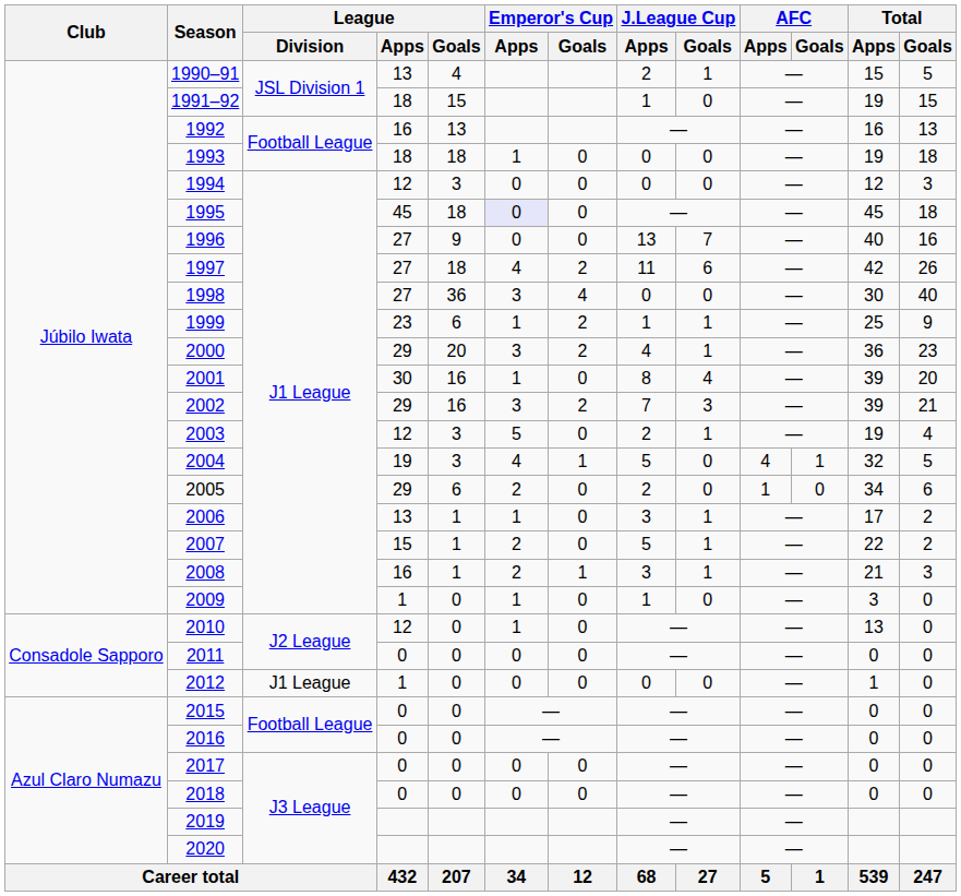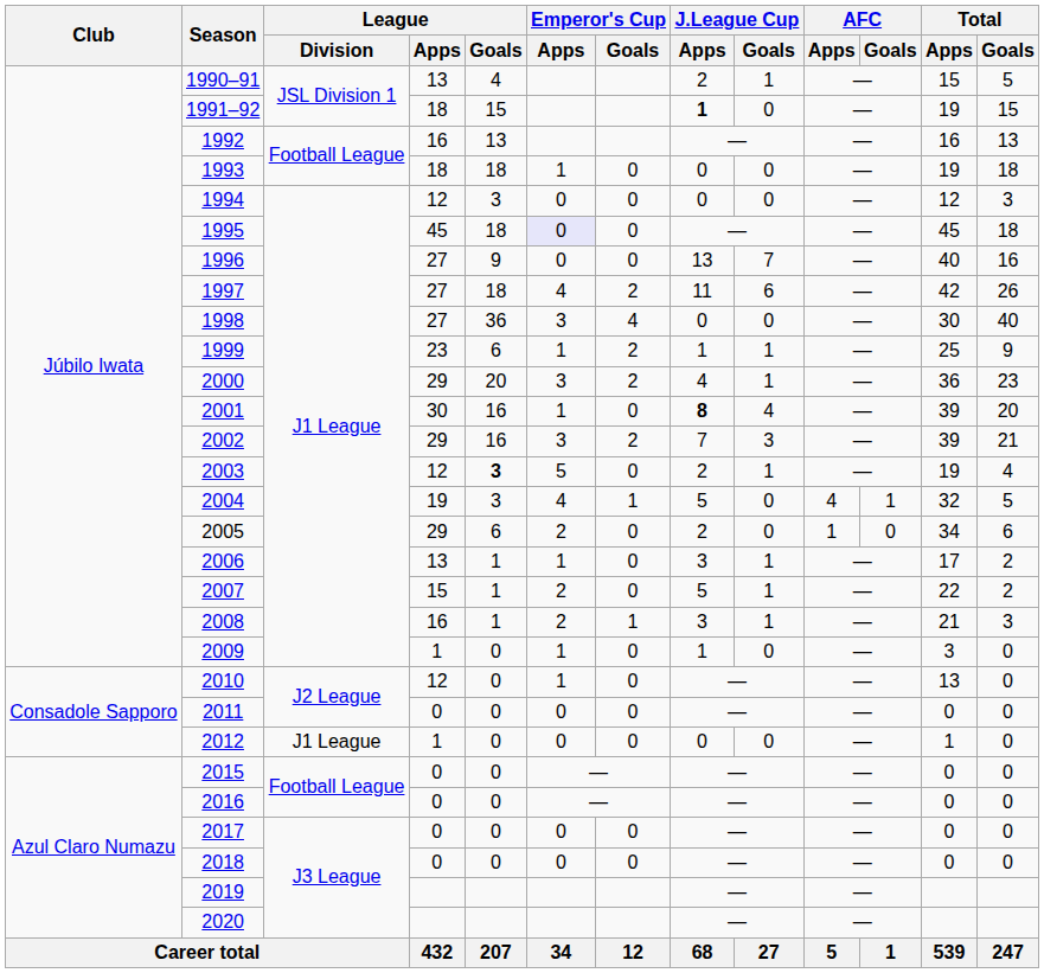 <table class="wikitable" style="text-align:center">
 <tr>
 <th rowspan="2">Club</th>
 <th rowspan="2">Season</th>
 <th colspan="3">League</th>
 <th colspan="2"><a href='#'>Emperor's Cup</a></th>
 <th colspan="2"><a href='#'>J.League Cup</a></th>
 <th colspan="2"><a href='#'>AFC</a></th>
 <th colspan="2">Total</th>
 </tr>
 <tr>
 <th>Division</th>
 <th>Apps</th>
 <th>Goals</th>
 <th>Apps</th>
 <th>Goals</th>
 <th>Apps</th>
 <th>Goals</th>
 <th>Apps</th>
 <th>Goals</th>
 <th>Apps</th>
 <th>Goals</th>
 </tr>
 <tr>
 <td rowspan="20"><a href='#'>Júbilo Iwata</a></td>
 <td><a href='#'>1990–91</a></td>
 <td rowspan="2"><a href='#'>JSL Division 1</a></td>
 <td>13</td>
 <td>4</td>
 <td></td>
 <td></td>
 <td>2</td>
 <td>1</td>
 <td colspan="2">—</td>
 <td>15</td>
 <td>5</td>
 </tr>
 <tr>
 <td><a href='#'>1991–92</a></td>
 <td>18</td>
 <td>15</td>
 <td></td>
 <td></td>
-<td>1</td>
+<td><strong>1</strong></td>
 <td>0</td>
 <td colspan="2">—</td>
 <td>19</td>
 <td>15</td>
 </tr>
 <tr>
 <td><a href='#'>1992</a></td>
 <td rowspan="2"><a href='#'>Football League</a></td>
 <td>16</td>
 <td>13</td>
 <td></td>
 <td></td>
 <td colspan="2">—</td>
 <td colspan="2">—</td>
 <td>16</td>
 <td>13</td>
 </tr>
 <tr>
 <td><a href='#'>1993</a></td>
 <td>18</td>
 <td>18</td>
 <td>1</td>
 <td>0</td>
 <td>0</td>
 <td>0</td>
 <td colspan="2">—</td>
 <td>19</td>
 <td>18</td>
 </tr>
 <tr>
 <td><a href='#'>1994</a></td>
 <td rowspan="16"><a href='#'>J1 League</a></td>
 <td>12</td>
 <td>3</td>
 <td>0</td>
 <td>0</td>
 <td>0</td>
 <td>0</td>
 <td colspan="2">—</td>
 <td>12</td>
 <td>3</td>
 </tr>
 <tr>
 <td><a href='#'>1995</a></td>
 <td>45</td>
 <td>18</td>
 <td style="background: lavender;">0</td>
 <td>0</td>
 <td colspan="2">—</td>
 <td colspan="2">—</td>
 <td>45</td>
 <td>18</td>
 </tr>
 <tr>
 <td><a href='#'>1996</a></td>
 <td>27</td>
 <td>9</td>
 <td>0</td>
 <td>0</td>
 <td>13</td>
 <td>7</td>
 <td colspan="2">—</td>
 <td>40</td>
 <td>16</td>
 </tr>
 <tr>
 <td><a href='#'>1997</a></td>
 <td>27</td>
 <td>18</td>
 <td>4</td>
 <td>2</td>
 <td>11</td>
 <td>6</td>
 <td colspan="2">—</td>
 <td>42</td>
 <td>26</td>
 </tr>
 <tr>
 <td><a href='#'>1998</a></td>
 <td>27</td>
 <td>36</td>
 <td>3</td>
 <td>4</td>
 <td>0</td>
 <td>0</td>
 <td colspan="2">—</td>
 <td>30</td>
 <td>40</td>
 </tr>
 <tr>
 <td><a href='#'>1999</a></td>
 <td>23</td>
 <td>6</td>
 <td>1</td>
 <td>2</td>
 <td>1</td>
 <td>1</td>
 <td colspan="2">—</td>
 <td>25</td>
 <td>9</td>
 </tr>
 <tr>
 <td><a href='#'>2000</a></td>
 <td>29</td>
 <td>20</td>
 <td>3</td>
 <td>2</td>
 <td>4</td>
 <td>1</td>
 <td colspan="2">—</td>
 <td>36</td>
 <td>23</td>
 </tr>
 <tr>
 <td><a href='#'>2001</a></td>
 <td>30</td>
 <td>16</td>
 <td>1</td>
 <td>0</td>
-<td>8</td>
+<td><strong>8</strong></td>
 <td>4</td>
 <td colspan="2">—</td>
 <td>39</td>
 <td>20</td>
 </tr>
 <tr>
 <td><a href='#'>2002</a></td>
 <td>29</td>
 <td>16</td>
 <td>3</td>
 <td>2</td>
 <td>7</td>
 <td>3</td>
 <td colspan="2">—</td>
 <td>39</td>
 <td>21</td>
 </tr>
 <tr>
 <td><a href='#'>2003</a></td>
 <td>12</td>
-<td>3</td>
+<td><strong>3</strong></td>
 <td>5</td>
 <td>0</td>
 <td>2</td>
 <td>1</td>
 <td colspan="2">—</td>
 <td>19</td>
 <td>4</td>
 </tr>
 <tr>
 <td><a href='#'>2004</a></td>
 <td>19</td>
 <td>3</td>
 <td>4</td>
 <td>1</td>
 <td>5</td>
 <td>0</td>
 <td>4</td>
 <td>1</td>
 <td>32</td>
 <td>5</td>
 </tr>
 <tr>
 <td>2005</td>
 <td>29</td>
 <td>6</td>
 <td>2</td>
 <td>0</td>
 <td>2</td>
 <td>0</td>
 <td>1</td>
 <td>0</td>
 <td>34</td>
 <td>6</td>
 </tr>
 <tr>
 <td><a href='#'>2006</a></td>
 <td>13</td>
 <td>1</td>
 <td>1</td>
 <td>0</td>
 <td>3</td>
 <td>1</td>
 <td colspan="2">—</td>
 <td>17</td>
 <td>2</td>
 </tr>
 <tr>
 <td><a href='#'>2007</a></td>
 <td>15</td>
 <td>1</td>
 <td>2</td>
 <td>0</td>
 <td>5</td>
 <td>1</td>
 <td colspan="2">—</td>
 <td>22</td>
 <td>2</td>
 </tr>
 <tr>
 <td><a href='#'>2008</a></td>
 <td>16</td>
 <td>1</td>
 <td>2</td>
 <td>1</td>
 <td>3</td>
 <td>1</td>
 <td colspan="2">—</td>
 <td>21</td>
 <td>3</td>
 </tr>
 <tr>
 <td><a href='#'>2009</a></td>
 <td>1</td>
 <td>0</td>
 <td>1</td>
 <td>0</td>
 <td>1</td>
 <td>0</td>
 <td colspan="2">—</td>
 <td>3</td>
 <td>0</td>
 </tr>
 <tr>
 <td rowspan="3"><a href='#'>Consadole Sapporo</a></td>
 <td><a href='#'>2010</a></td>
 <td rowspan="2"><a href='#'>J2 League</a></td>
 <td>12</td>
 <td>0</td>
 <td>1</td>
 <td>0</td>
 <td colspan="2">—</td>
 <td colspan="2">—</td>
 <td>13</td>
 <td>0</td>
 </tr>
 <tr>
 <td><a href='#'>2011</a></td>
 <td>0</td>
 <td>0</td>
 <td>0</td>
 <td>0</td>
 <td colspan="2">—</td>
 <td colspan="2">—</td>
 <td>0</td>
 <td>0</td>
 </tr>
 <tr>
 <td><a href='#'>2012</a></td>
 <td>J1 League</td>
 <td>1</td>
 <td>0</td>
 <td>0</td>
 <td>0</td>
 <td>0</td>
 <td>0</td>
 <td colspan="2">—</td>
 <td>1</td>
 <td>0</td>
 </tr>
 <tr>
 <td rowspan="6"><a href='#'>Azul Claro Numazu</a></td>
 <td><a href='#'>2015</a></td>
 <td rowspan="2"><a href='#'>Football League</a></td>
 <td>0</td>
 <td>0</td>
 <td colspan="2">—</td>
 <td colspan="2">—</td>
 <td colspan="2">—</td>
 <td>0</td>
 <td>0</td>
 </tr>
 <tr>
 <td><a href='#'>2016</a></td>
 <td>0</td>
 <td>0</td>
 <td colspan="2">—</td>
 <td colspan="2">—</td>
 <td colspan="2">—</td>
 <td>0</td>
 <td>0</td>
 </tr>
 <tr>
 <td><a href='#'>2017</a></td>
 <td rowspan="4"><a href='#'>J3 League</a></td>
 <td>0</td>
 <td>0</td>
 <td>0</td>
 <td>0</td>
 <td colspan="2">—</td>
 <td colspan="2">—</td>
 <td>0</td>
 <td>0</td>
 </tr>
 <tr>
 <td><a href='#'>2018</a></td>
 <td>0</td>
 <td>0</td>
 <td>0</td>
 <td>0</td>
 <td colspan="2">—</td>
 <td colspan="2">—</td>
 <td>0</td>
 <td>0</td>
 </tr>
 <tr>
 <td><a href='#'>2019</a></td>
 <td></td>
 <td></td>
 <td></td>
 <td></td>
 <td colspan="2">—</td>
 <td colspan="2">—</td>
 <td></td>
 <td></td>
 </tr>
 <tr>
 <td><a href='#'>2020</a></td>
 <td></td>
 <td></td>
 <td></td>
 <td></td>
 <td colspan="2">—</td>
 <td colspan="2">—</td>
 <td></td>
 <td></td>
 </tr>
 <tr>
 <th colspan="3">Career total</th>
 <th>432</th>
 <th>207</th>
 <th>34</th>
 <th>12</th>
 <th>68</th>
 <th>27</th>
 <th>5</th>
 <th>1</th>
 <th>539</th>
 <th>247</th>
 </tr>
 </table>
